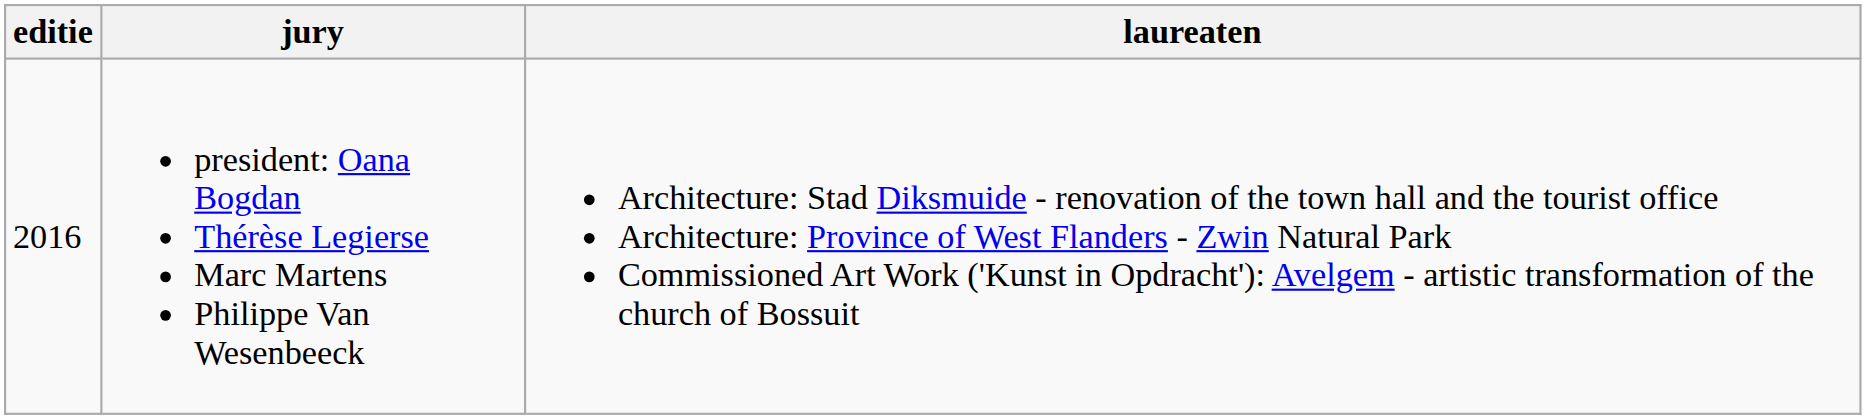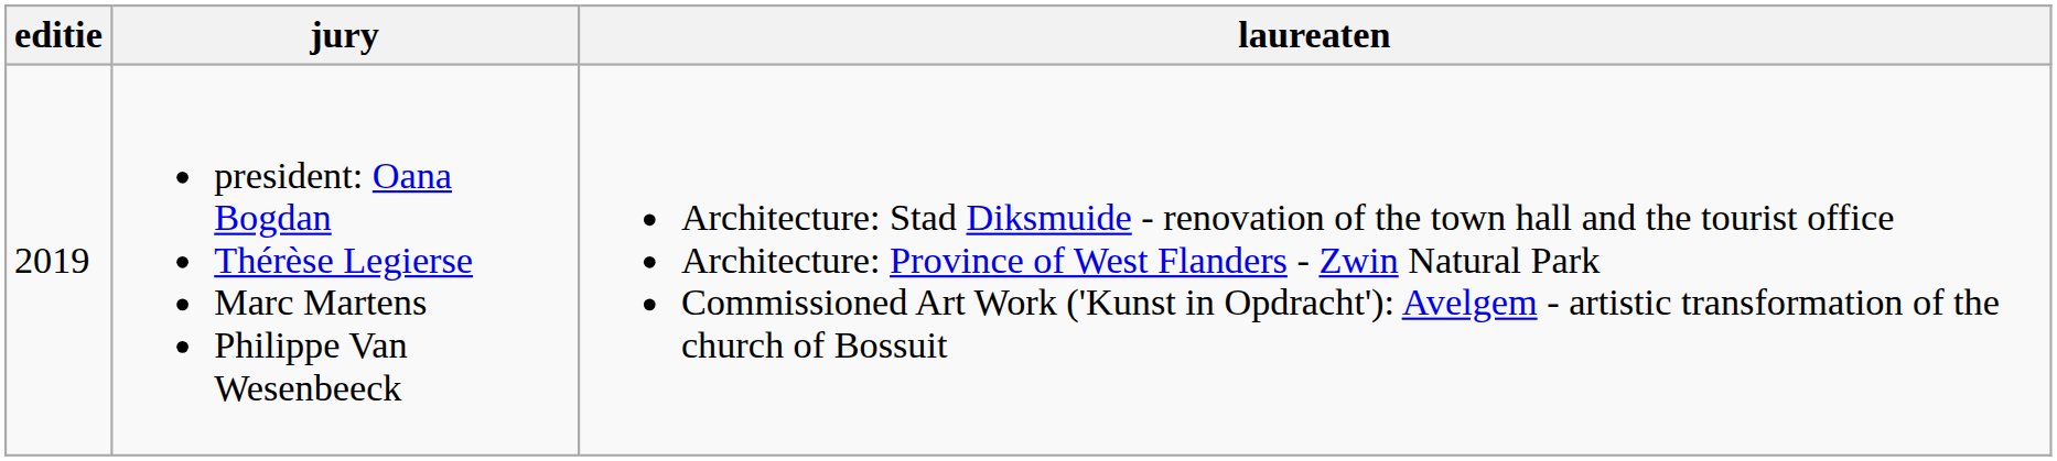 <table class="wikitable">
 <tr>
 <th>editie</th>
 <th>jury</th>
 <th>laureaten</th>
 </tr>
 <tr>
-<td>2016</td>
+<td>2019</td>
 <td><br><ul><li>president: <a href='#'>Oana Bogdan</a></li><li><a href='#'>Thérèse Legierse</a></li><li>Marc Martens</li><li>Philippe Van Wesenbeeck</li></ul></td>
 <td><br><ul><li>Architecture: Stad <a href='#'>Diksmuide</a> - renovation of the town hall and the tourist office</li><li>Architecture: <a href='#'>Province of West Flanders</a> - <a href='#'>Zwin</a> Natural Park</li><li>Commissioned Art Work ('Kunst in Opdracht'): <a href='#'>Avelgem</a> - artistic transformation of the church of Bossuit</li></ul></td>
 </tr>
 </table>
